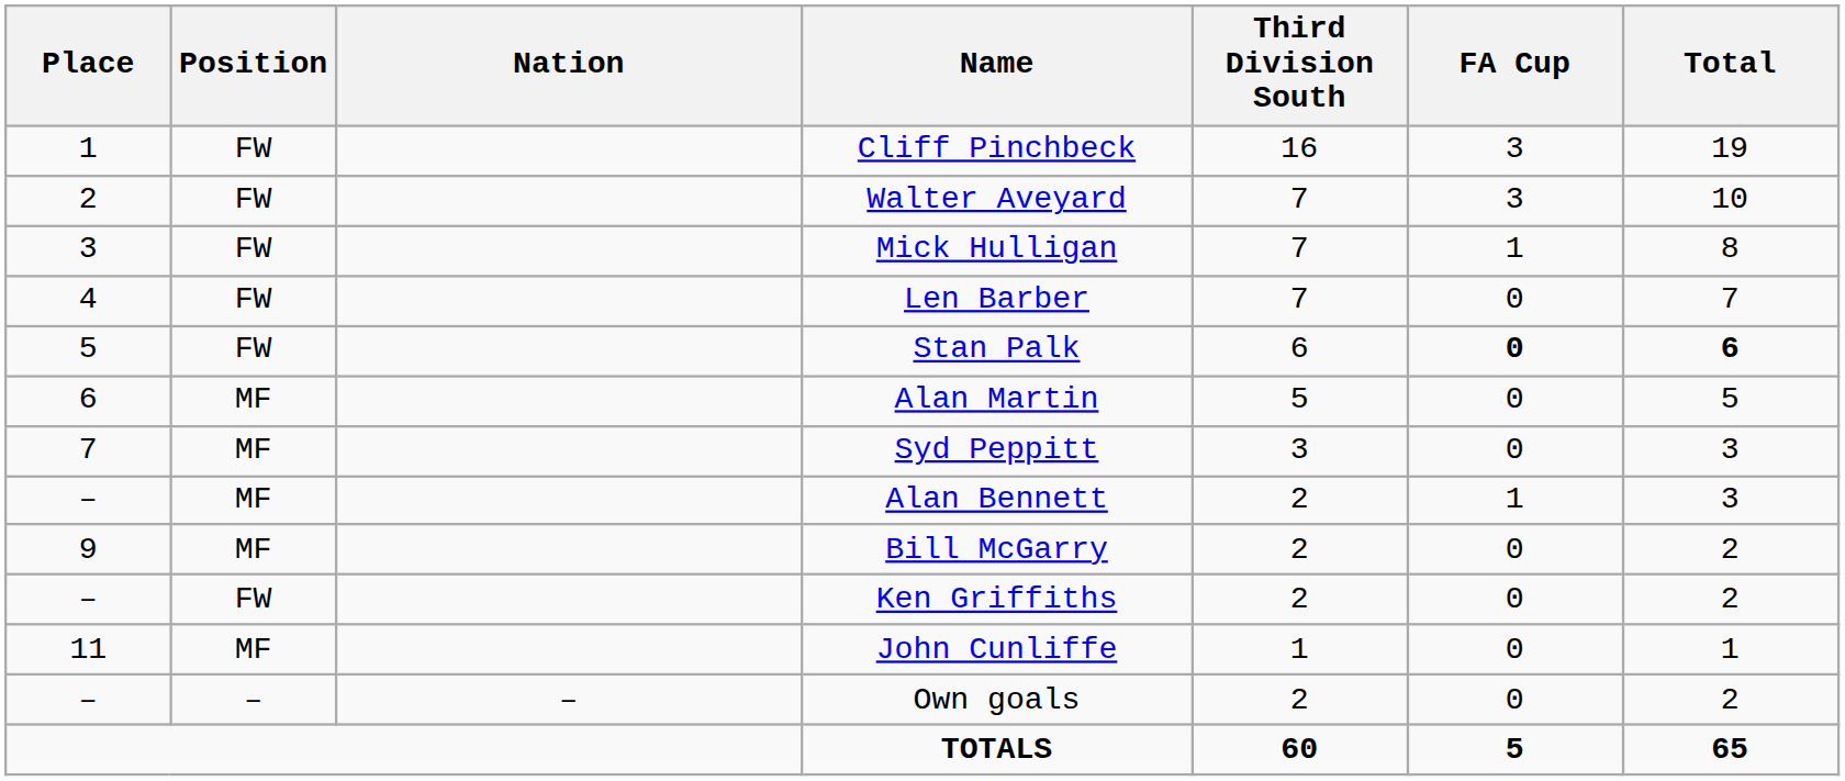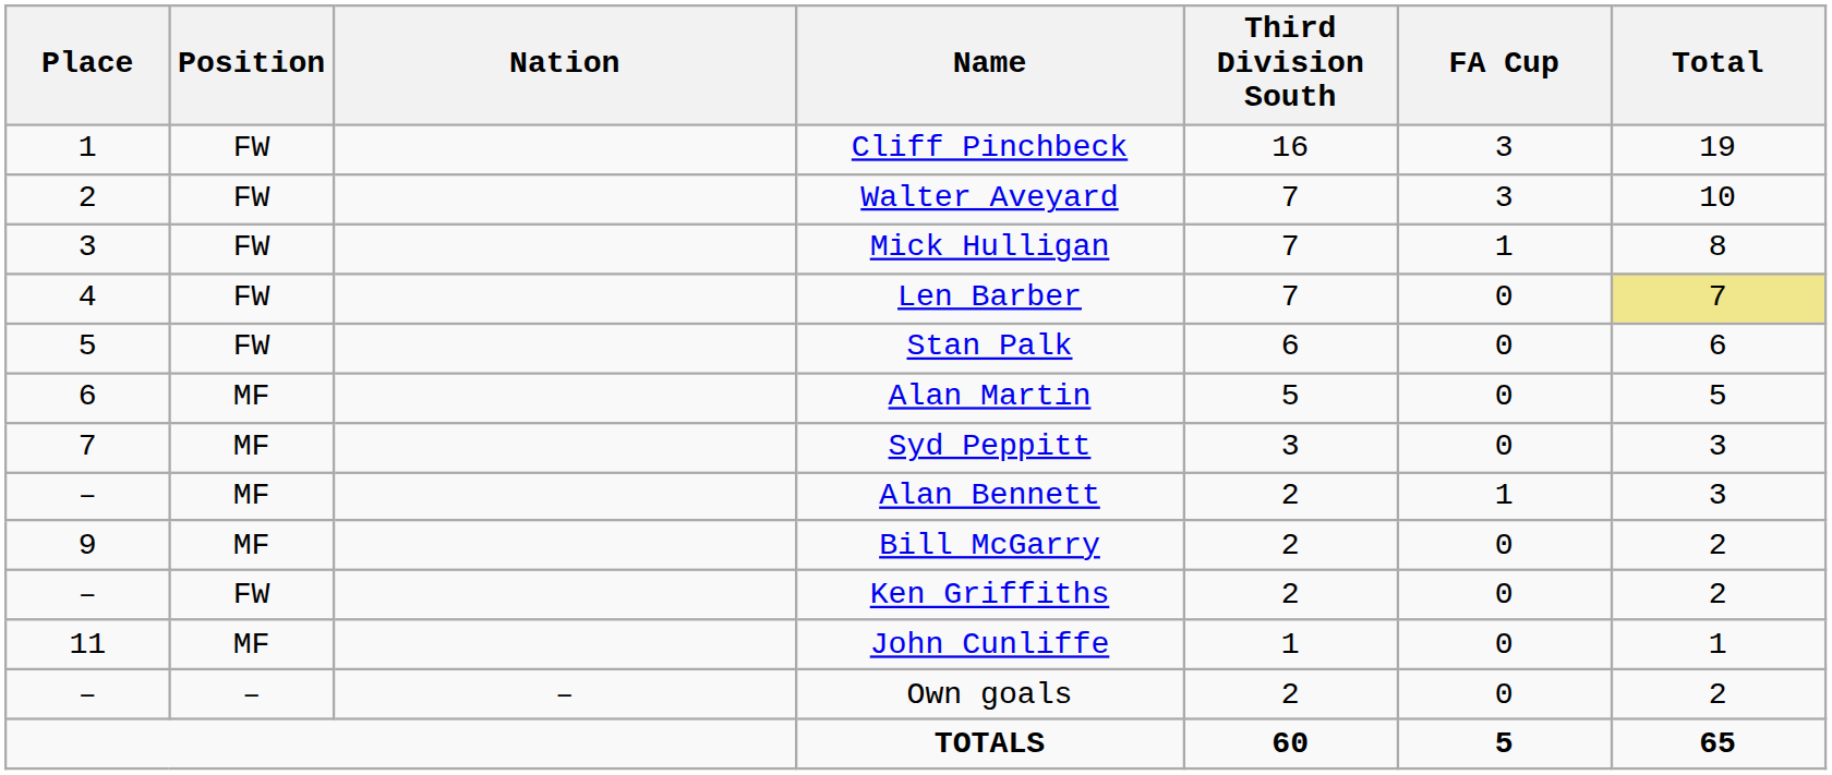 <table class="wikitable" style="font-size: 95%; text-align: center;">
 <tr>
 <th width=60>Place</th>
 <th width=60>Position</th>
 <th width=180>Nation</th>
 <th width=150>Name</th>
 <th width=80>Third Division South</th>
 <th width=80>FA Cup</th>
 <th width=80>Total</th>
 </tr>
 <tr>
 <td>1</td>
 <td>FW</td>
 <td></td>
 <td><a href='#'>Cliff Pinchbeck</a></td>
 <td>16</td>
 <td>3</td>
 <td>19</td>
 </tr>
 <tr>
 <td>2</td>
 <td>FW</td>
 <td></td>
 <td><a href='#'>Walter Aveyard</a></td>
 <td>7</td>
 <td>3</td>
 <td>10</td>
 </tr>
 <tr>
 <td>3</td>
 <td>FW</td>
 <td></td>
 <td><a href='#'>Mick Hulligan</a></td>
 <td>7</td>
 <td>1</td>
 <td>8</td>
 </tr>
 <tr>
 <td>4</td>
 <td>FW</td>
 <td></td>
 <td><a href='#'>Len Barber</a></td>
 <td>7</td>
 <td>0</td>
-<td>7</td>
+<td style="background: khaki;">7</td>
 </tr>
 <tr>
 <td>5</td>
 <td>FW</td>
 <td></td>
 <td><a href='#'>Stan Palk</a></td>
 <td>6</td>
-<td><strong>0</strong></td>
-<td><strong>6</strong></td>
+<td>0</td>
+<td>6</td>
 </tr>
 <tr>
 <td>6</td>
 <td>MF</td>
 <td></td>
 <td><a href='#'>Alan Martin</a></td>
 <td>5</td>
 <td>0</td>
 <td>5</td>
 </tr>
 <tr>
 <td>7</td>
 <td>MF</td>
 <td></td>
 <td><a href='#'>Syd Peppitt</a></td>
 <td>3</td>
 <td>0</td>
 <td>3</td>
 </tr>
 <tr>
 <td>–</td>
 <td>MF</td>
 <td></td>
 <td><a href='#'>Alan Bennett</a></td>
 <td>2</td>
 <td>1</td>
 <td>3</td>
 </tr>
 <tr>
 <td>9</td>
 <td>MF</td>
 <td></td>
 <td><a href='#'>Bill McGarry</a></td>
 <td>2</td>
 <td>0</td>
 <td>2</td>
 </tr>
 <tr>
 <td>–</td>
 <td>FW</td>
 <td></td>
 <td><a href='#'>Ken Griffiths</a></td>
 <td>2</td>
 <td>0</td>
 <td>2</td>
 </tr>
 <tr>
 <td>11</td>
 <td>MF</td>
 <td></td>
 <td><a href='#'>John Cunliffe</a></td>
 <td>1</td>
 <td>0</td>
 <td>1</td>
 </tr>
 <tr>
 <td>–</td>
 <td>–</td>
 <td>–</td>
 <td>Own goals</td>
 <td>2</td>
 <td>0</td>
 <td>2</td>
 </tr>
 <tr>
 <td colspan="3"></td>
 <td><strong>TOTALS</strong></td>
 <td><strong>60</strong></td>
 <td><strong>5</strong></td>
 <td><strong>65</strong></td>
 </tr>
 </table>
